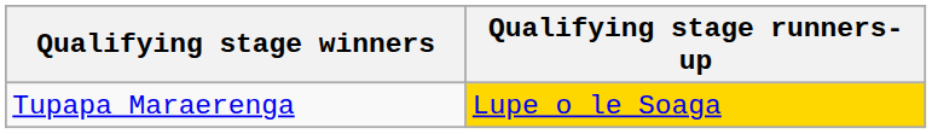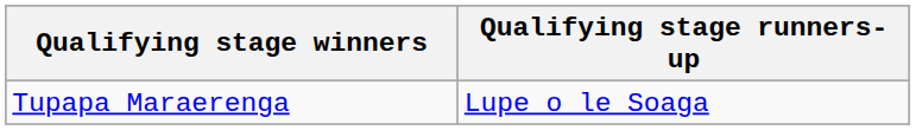 <table class="wikitable">
 <tr>
 <th width=210>Qualifying stage winners</th>
 <th width=210>Qualifying stage runners-up</th>
 </tr>
 <tr>
 <td> <a href='#'>Tupapa Maraerenga</a></td>
-<td style="background: gold;"> <a href='#'>Lupe o le Soaga</a></td>
+<td> <a href='#'>Lupe o le Soaga</a></td>
 </tr>
 </table>
